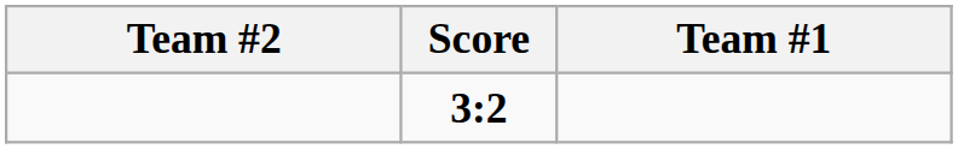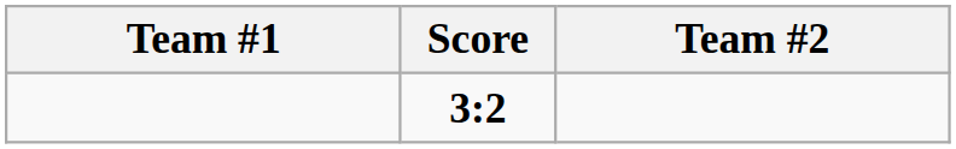 <table class="wikitable" style="text-align:center;">
 <tr>
+<th width=140>Team #1</th>
+<th width=50>Score</th>
 <th width=140>Team #2</th>
-<th width=50>Score</th>
-<th width=140>Team #1</th>
 </tr>
 <tr>
+<td style="text-align:right;"></td>
+<td><strong>3:2</strong></td>
 <td style="text-align:left;"></td>
-<td><strong>3:2</strong></td>
-<td style="text-align:right;"></td>
 </tr>
 </table>
